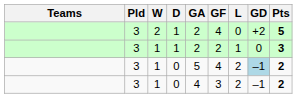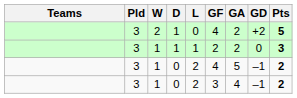 <table class="wikitable" style="text-align: center;">
 <tr>
 <th width=165>Teams</th>
 <th width=20>Pld</th>
 <th width=20>W</th>
 <th width=20>D</th>
+<th width=20>L</th>
+<th width=20>GF</th>
 <th width=20>GA</th>
-<th width=20>GF</th>
-<th width=20>L</th>
 <th width=20>GD</th>
 <th width=20>Pts</th>
 </tr>
 <tr align=center style="background:#ccffcc;">
 <td style="text-align:left;"></td>
 <td>3</td>
 <td>2</td>
 <td>1</td>
+<td>0</td>
+<td>4</td>
 <td>2</td>
-<td>4</td>
-<td>0</td>
 <td>+2</td>
 <td><strong>5</strong></td>
 </tr>
 <tr align=center style="background:#ccffcc;">
 <td style="text-align:left;"></td>
 <td>3</td>
 <td>1</td>
 <td>1</td>
+<td>1</td>
 <td>2</td>
 <td>2</td>
-<td>1</td>
 <td>0</td>
 <td><strong>3</strong></td>
 </tr>
 <tr align=center>
 <td style="text-align:left;"></td>
 <td>3</td>
 <td>1</td>
 <td>0</td>
+<td>2</td>
+<td>4</td>
 <td>5</td>
-<td>4</td>
-<td>2</td>
-<td style="background: lightblue;">–1</td>
+<td>–1</td>
 <td><strong>2</strong></td>
 </tr>
 <tr align=center>
 <td style="text-align:left;"></td>
 <td>3</td>
 <td>1</td>
 <td>0</td>
+<td>2</td>
+<td>3</td>
 <td>4</td>
-<td>3</td>
-<td>2</td>
 <td>–1</td>
 <td><strong>2</strong></td>
 </tr>
 </table>
